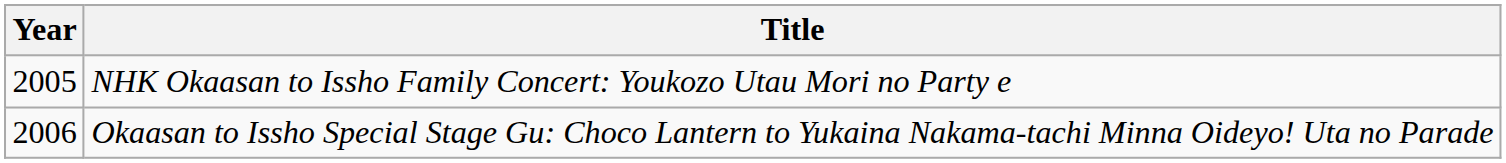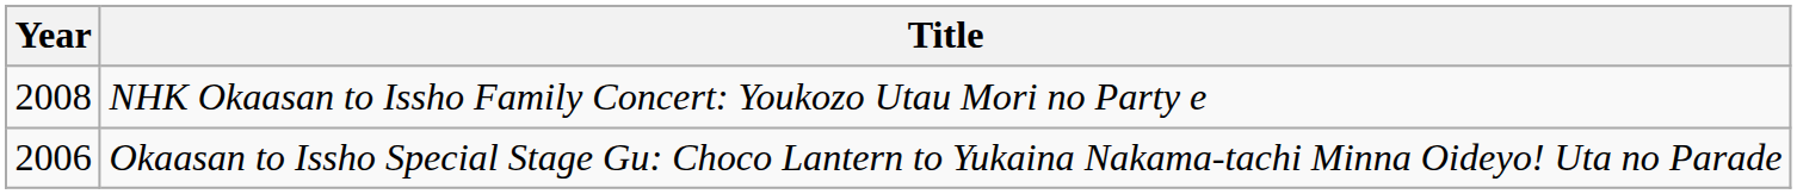 <table class="wikitable">
 <tr>
 <th>Year</th>
 <th>Title</th>
 </tr>
 <tr>
-<td>2005</td>
+<td>2008</td>
 <td><em>NHK Okaasan to Issho Family Concert: Youkozo Utau Mori no Party e</em></td>
 </tr>
 <tr>
 <td>2006</td>
 <td><em>Okaasan to Issho Special Stage Gu: Choco Lantern to Yukaina Nakama-tachi Minna Oideyo! Uta no Parade</em></td>
 </tr>
 </table>
